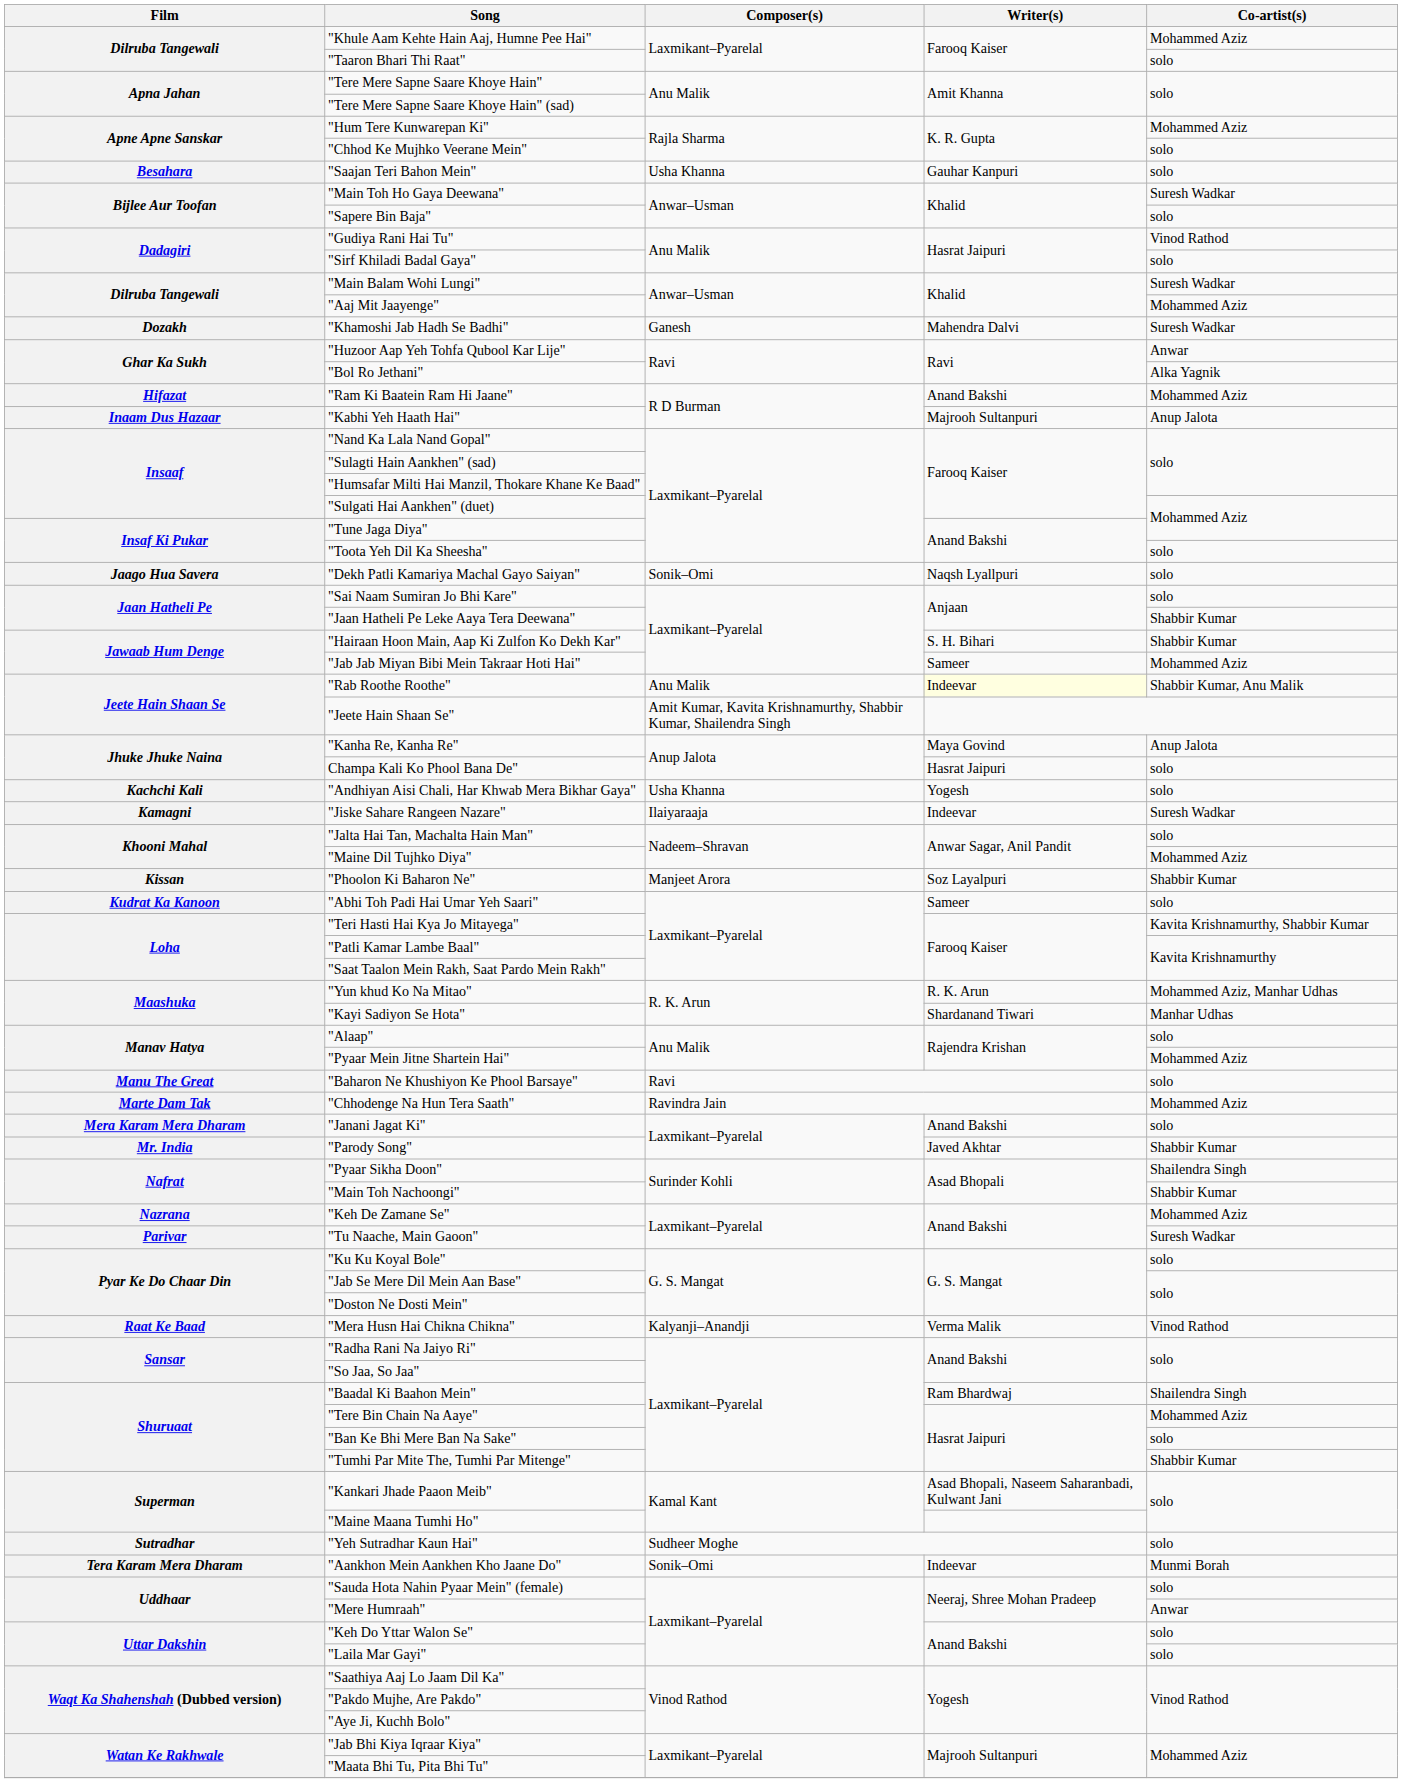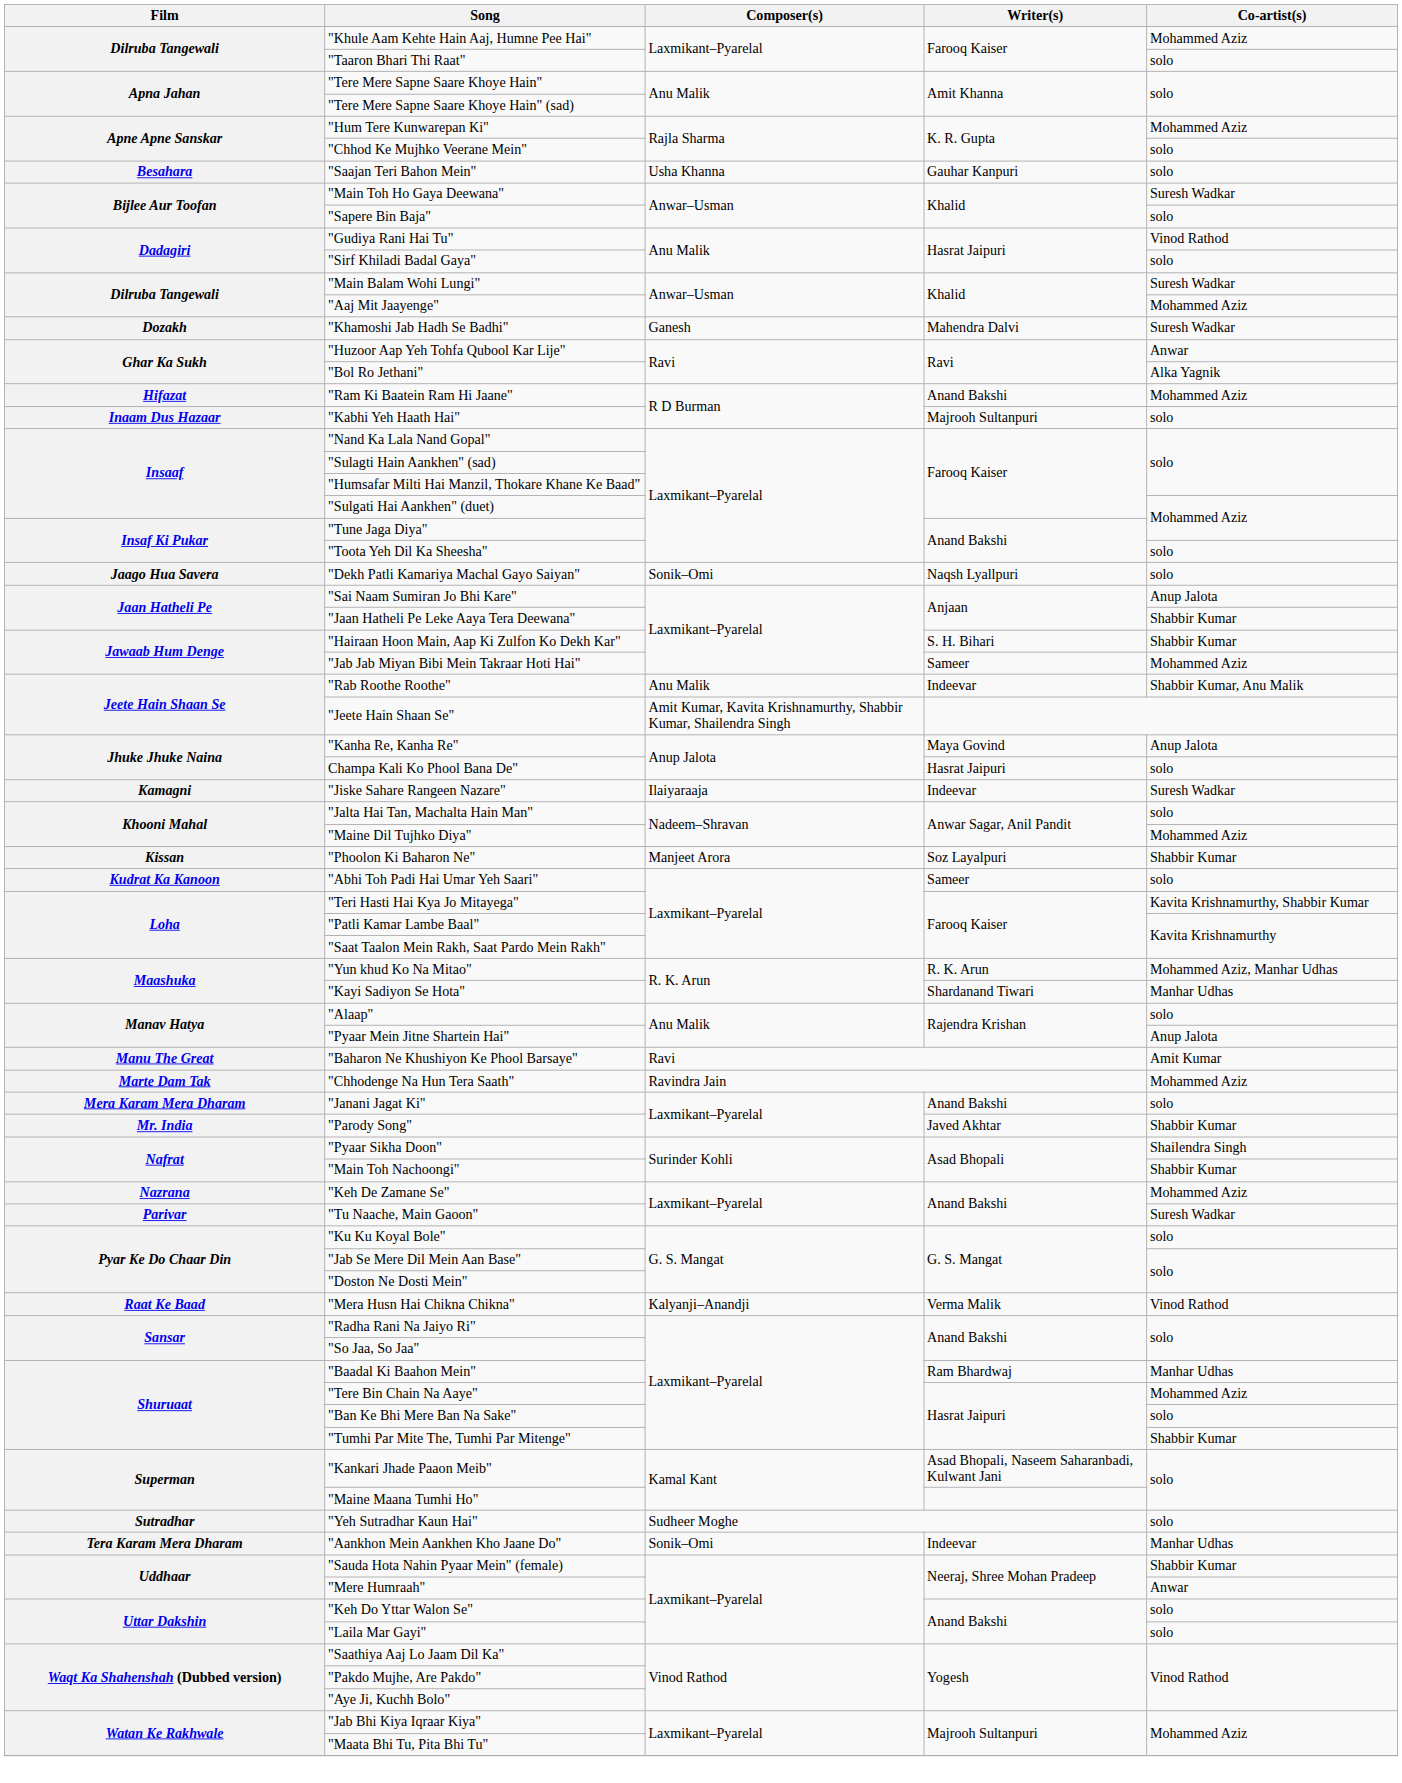 <table class="wikitable plainrowheaders" style="width:100%; textcolor:#000">
 <tr style="background:#b0e0e66;">
 <th scope="col" style="width:23%;"><strong>Film</strong></th>
 <th scope="col" style="width:23%;"><strong>Song</strong></th>
 <th scope="col" style="width:20%;"><strong>Composer(s)</strong></th>
 <th scope="col" style="width:16%;"><strong>Writer(s)</strong></th>
 <th scope="col" style="width:18%;"><strong>Co-artist(s)</strong></th>
 </tr>
 <tr>
 <th Rowspan=2><em>Dilruba Tangewali</em></th>
 <td>"Khule Aam Kehte Hain Aaj, Humne Pee Hai"</td>
 <td rowspan=2>Laxmikant–Pyarelal</td>
 <td rowspan=2>Farooq Kaiser</td>
 <td>Mohammed Aziz</td>
 </tr>
 <tr>
 <td>"Taaron Bhari Thi Raat"</td>
 <td>solo</td>
 </tr>
 <tr>
 <th rowspan=2><em>Apna Jahan</em></th>
 <td>"Tere Mere Sapne Saare Khoye Hain"</td>
 <td rowspan=2>Anu Malik</td>
 <td rowspan=2>Amit Khanna</td>
 <td rowspan=2>solo</td>
 </tr>
 <tr>
 <td>"Tere Mere Sapne Saare Khoye Hain" (sad)</td>
 </tr>
 <tr>
 <th rowspan=2><em>Apne Apne Sanskar</em></th>
 <td>"Hum Tere Kunwarepan Ki"</td>
 <td rowspan=2>Rajla Sharma</td>
 <td rowspan=2>K. R. Gupta</td>
 <td>Mohammed Aziz</td>
 </tr>
 <tr>
 <td>"Chhod Ke Mujhko Veerane Mein"</td>
 <td>solo</td>
 </tr>
 <tr>
 <th><em><a href='#'>Besahara</a></em></th>
 <td>"Saajan Teri Bahon Mein"</td>
 <td>Usha Khanna</td>
 <td>Gauhar Kanpuri</td>
 <td>solo</td>
 </tr>
 <tr>
 <th Rowspan=2><em>Bijlee Aur Toofan</em></th>
 <td>"Main Toh Ho Gaya Deewana"</td>
 <td rowspan=2>Anwar–Usman</td>
 <td rowspan=2>Khalid</td>
 <td>Suresh Wadkar</td>
 </tr>
 <tr>
 <td>"Sapere Bin Baja"</td>
 <td>solo</td>
 </tr>
 <tr>
 <th Rowspan=2><em><a href='#'>Dadagiri</a></em></th>
 <td>"Gudiya Rani Hai Tu"</td>
 <td rowspan=2>Anu Malik</td>
 <td rowspan=2>Hasrat Jaipuri</td>
 <td>Vinod Rathod</td>
 </tr>
 <tr>
 <td>"Sirf Khiladi Badal Gaya"</td>
 <td>solo</td>
 </tr>
 <tr>
 <th Rowspan=2><em>Dilruba Tangewali</em></th>
 <td>"Main Balam Wohi Lungi"</td>
 <td rowspan=2>Anwar–Usman</td>
 <td rowspan=2>Khalid</td>
 <td>Suresh Wadkar</td>
 </tr>
 <tr>
 <td>"Aaj Mit Jaayenge"</td>
 <td>Mohammed Aziz</td>
 </tr>
 <tr>
 <th><em>Dozakh</em></th>
 <td>"Khamoshi Jab Hadh Se Badhi"</td>
 <td>Ganesh</td>
 <td>Mahendra Dalvi</td>
 <td>Suresh Wadkar</td>
 </tr>
 <tr>
 <th Rowspan=2><em>Ghar Ka Sukh</em></th>
 <td>"Huzoor Aap Yeh Tohfa Qubool Kar Lije"</td>
 <td rowspan=2>Ravi</td>
 <td rowspan=2>Ravi</td>
 <td>Anwar</td>
 </tr>
 <tr>
 <td>"Bol Ro Jethani"</td>
 <td>Alka Yagnik</td>
 </tr>
 <tr>
 <th><em><a href='#'>Hifazat</a></em></th>
 <td>"Ram Ki Baatein Ram Hi Jaane"</td>
 <td rowspan=2>R D Burman</td>
 <td>Anand Bakshi</td>
 <td>Mohammed Aziz</td>
 </tr>
 <tr>
 <th><em><a href='#'>Inaam Dus Hazaar</a></em></th>
 <td>"Kabhi Yeh Haath Hai"</td>
 <td>Majrooh Sultanpuri</td>
-<td>Anup Jalota</td>
+<td>solo</td>
 </tr>
 <tr>
 <th rowspan=4><em><a href='#'>Insaaf</a></em></th>
 <td>"Nand Ka Lala Nand Gopal"</td>
 <td rowspan=6>Laxmikant–Pyarelal</td>
 <td Rowspan=4>Farooq Kaiser</td>
 <td rowspan=3>solo</td>
 </tr>
 <tr>
 <td>"Sulagti Hain Aankhen" (sad)</td>
 </tr>
 <tr>
 <td>"Humsafar Milti Hai Manzil, Thokare Khane Ke Baad"</td>
 </tr>
 <tr>
 <td>"Sulgati Hai Aankhen" (duet)</td>
 <td rowspan=2>Mohammed Aziz</td>
 </tr>
 <tr>
 <th Rowspan=2><em><a href='#'>Insaf Ki Pukar</a></em></th>
 <td>"Tune Jaga Diya"</td>
 <td Rowspan=2>Anand Bakshi</td>
 </tr>
 <tr>
 <td>"Toota Yeh Dil Ka Sheesha"</td>
 <td>solo</td>
 </tr>
 <tr>
 <th><em>Jaago Hua Savera</em></th>
 <td>"Dekh Patli Kamariya Machal Gayo Saiyan"</td>
 <td>Sonik–Omi</td>
 <td>Naqsh Lyallpuri</td>
 <td>solo</td>
 </tr>
 <tr>
 <th Rowspan=2><em><a href='#'>Jaan Hatheli Pe</a></em></th>
 <td>"Sai Naam Sumiran Jo Bhi Kare"</td>
 <td rowspan=4>Laxmikant–Pyarelal</td>
 <td rowspan=2>Anjaan</td>
-<td>solo</td>
+<td>Anup Jalota</td>
 </tr>
 <tr>
 <td>"Jaan Hatheli Pe Leke Aaya Tera Deewana"</td>
 <td>Shabbir Kumar</td>
 </tr>
 <tr>
 <th Rowspan=2><em><a href='#'>Jawaab Hum Denge</a></em></th>
 <td>"Hairaan Hoon Main, Aap Ki Zulfon Ko Dekh Kar"</td>
 <td>S. H. Bihari</td>
 <td>Shabbir Kumar</td>
 </tr>
 <tr>
 <td>"Jab Jab Miyan Bibi Mein Takraar Hoti Hai"</td>
 <td>Sameer</td>
 <td>Mohammed Aziz</td>
 </tr>
 <tr>
 <th Rowspan=2><em><a href='#'>Jeete Hain Shaan Se</a></em></th>
 <td>"Rab Roothe Roothe"</td>
 <td rowapan=2>Anu Malik</td>
-<td roqspan=2 style="background: lightyellow;">Indeevar</td>
+<td roqspan=2>Indeevar</td>
 <td>Shabbir Kumar, Anu Malik</td>
 </tr>
 <tr>
 <td>"Jeete Hain Shaan Se"</td>
 <td>Amit Kumar, Kavita Krishnamurthy, Shabbir Kumar, Shailendra Singh</td>
 </tr>
 <tr>
 <th Rowspan=2><em>Jhuke Jhuke Naina</em></th>
 <td>"Kanha Re, Kanha Re"</td>
 <td rowspan=2>Anup Jalota</td>
 <td>Maya Govind</td>
 <td>Anup Jalota</td>
 </tr>
 <tr>
 <td>Champa Kali Ko Phool Bana De"</td>
 <td>Hasrat Jaipuri</td>
-<td>solo</td>
-</tr>
-<tr>
-<th><em>Kachchi Kali</em></th>
-<td>"Andhiyan Aisi Chali, Har Khwab Mera Bikhar Gaya"</td>
-<td>Usha Khanna</td>
-<td>Yogesh</td>
 <td>solo</td>
 </tr>
 <tr>
 <th><em>Kamagni</em></th>
 <td>"Jiske Sahare Rangeen Nazare"</td>
 <td>Ilaiyaraaja</td>
 <td>Indeevar</td>
 <td>Suresh Wadkar</td>
 </tr>
 <tr>
 <th Rowspan=2><em>Khooni Mahal</em></th>
 <td>"Jalta Hai Tan, Machalta Hain Man"</td>
 <td Rowspan=2>Nadeem–Shravan</td>
 <td rowspan=2>Anwar Sagar, Anil Pandit</td>
 <td>solo</td>
 </tr>
 <tr>
 <td>"Maine Dil Tujhko Diya"</td>
 <td>Mohammed Aziz</td>
 </tr>
 <tr>
 <th><em>Kissan</em></th>
 <td>"Phoolon Ki Baharon Ne"</td>
 <td>Manjeet Arora</td>
 <td>Soz Layalpuri</td>
 <td>Shabbir Kumar</td>
 </tr>
 <tr>
 <th><em><a href='#'>Kudrat Ka Kanoon</a></em></th>
 <td>"Abhi Toh Padi Hai Umar Yeh Saari"</td>
 <td rowspan=4>Laxmikant–Pyarelal</td>
 <td>Sameer</td>
 <td>solo</td>
 </tr>
 <tr>
 <th Rowspan=3><em><a href='#'>Loha</a></em></th>
 <td>"Teri Hasti Hai Kya Jo Mitayega"</td>
 <td rowspan=3>Farooq Kaiser</td>
 <td>Kavita Krishnamurthy, Shabbir Kumar</td>
 </tr>
 <tr>
 <td>"Patli Kamar Lambe Baal"</td>
 <td rowspan=2>Kavita Krishnamurthy</td>
 </tr>
 <tr>
 <td>"Saat Taalon Mein Rakh, Saat Pardo Mein Rakh"</td>
 </tr>
 <tr>
 <th Rowspan=2><em><a href='#'>Maashuka</a></em></th>
 <td>"Yun khud Ko Na Mitao"</td>
 <td rowspan=2>R. K. Arun</td>
 <td rowspan=>R. K. Arun</td>
 <td>Mohammed Aziz, Manhar Udhas</td>
 </tr>
 <tr>
 <td>"Kayi Sadiyon Se Hota"</td>
 <td>Shardanand Tiwari</td>
 <td>Manhar Udhas</td>
 </tr>
 <tr>
 <th Rowspan=2><em>Manav Hatya</em></th>
 <td>"Alaap"</td>
 <td rowspan=2>Anu Malik</td>
 <td Rowspan=2>Rajendra Krishan</td>
 <td>solo</td>
 </tr>
 <tr>
 <td>"Pyaar Mein Jitne Shartein Hai"</td>
-<td>Mohammed Aziz</td>
+<td>Anup Jalota</td>
 </tr>
 <tr>
 <th><em><a href='#'>Manu The Great</a></em></th>
 <td>"Baharon Ne Khushiyon Ke Phool Barsaye"</td>
 <td colspan=2>Ravi</td>
-<td>solo</td>
+<td>Amit Kumar</td>
 </tr>
 <tr>
 <th><em><a href='#'>Marte Dam Tak</a></em></th>
 <td>"Chhodenge Na Hun Tera Saath"</td>
 <td colspan=2>Ravindra Jain</td>
 <td>Mohammed Aziz</td>
 </tr>
 <tr>
 <th><em><a href='#'>Mera Karam Mera Dharam</a></em></th>
 <td>"Janani Jagat Ki"</td>
 <td Rowspan=2>Laxmikant–Pyarelal</td>
 <td>Anand Bakshi</td>
 <td>solo</td>
 </tr>
 <tr>
 <th><em><a href='#'>Mr. India</a></em></th>
 <td>"Parody Song"</td>
 <td>Javed Akhtar</td>
 <td>Shabbir Kumar</td>
 </tr>
 <tr>
 <th Rowspan=2><em><a href='#'>Nafrat</a></em></th>
 <td>"Pyaar Sikha Doon"</td>
 <td Rowspan=2>Surinder Kohli</td>
 <td rowspan=2>Asad Bhopali</td>
 <td>Shailendra Singh</td>
 </tr>
 <tr>
 <td>"Main Toh Nachoongi"</td>
 <td>Shabbir Kumar</td>
 </tr>
 <tr>
 <th><em><a href='#'>Nazrana</a></em></th>
 <td>"Keh De Zamane Se"</td>
 <td rowspan=2>Laxmikant–Pyarelal</td>
 <td rowspan=2>Anand Bakshi</td>
 <td>Mohammed Aziz</td>
 </tr>
 <tr>
 <th><em><a href='#'>Parivar</a></em></th>
 <td>"Tu Naache, Main Gaoon"</td>
 <td>Suresh Wadkar</td>
 </tr>
 <tr>
 <th Rowspan=3><em>Pyar Ke Do Chaar Din</em></th>
 <td>"Ku Ku Koyal Bole"</td>
 <td rowspan=3>G. S. Mangat</td>
 <td rowspan=3>G. S. Mangat</td>
 <td>solo</td>
 </tr>
 <tr>
 <td>"Jab Se Mere Dil Mein Aan Base"</td>
 <td rowspan=2>solo</td>
 </tr>
 <tr>
 <td>"Doston Ne Dosti Mein"</td>
 </tr>
 <tr>
 <th><em><a href='#'>Raat Ke Baad</a></em></th>
 <td>"Mera Husn Hai Chikna Chikna"</td>
 <td>Kalyanji–Anandji</td>
 <td>Verma Malik</td>
 <td>Vinod Rathod</td>
 </tr>
 <tr>
 <th Rowspan=2><em><a href='#'>Sansar</a></em></th>
 <td>"Radha Rani Na Jaiyo Ri"</td>
 <td rowspan=6>Laxmikant–Pyarelal</td>
 <td rowspan=2>Anand Bakshi</td>
 <td rowspan=2>solo</td>
 </tr>
 <tr>
 <td>"So Jaa, So Jaa"</td>
 </tr>
 <tr>
 <th Rowspan=4><em><a href='#'>Shuruaat</a></em></th>
 <td>"Baadal Ki Baahon Mein"</td>
 <td>Ram Bhardwaj</td>
-<td>Shailendra Singh</td>
+<td>Manhar Udhas</td>
 </tr>
 <tr>
 <td>"Tere Bin Chain Na Aaye"</td>
 <td rowspan=3>Hasrat Jaipuri</td>
 <td>Mohammed Aziz</td>
 </tr>
 <tr>
 <td>"Ban Ke Bhi Mere Ban Na Sake"</td>
 <td>solo</td>
 </tr>
 <tr>
 <td>"Tumhi Par Mite The, Tumhi Par Mitenge"</td>
 <td>Shabbir Kumar</td>
 </tr>
 <tr>
 <th rowspan=2><em>Superman</em></th>
 <td>"Kankari Jhade Paaon Meib"</td>
 <td rowspan=2>Kamal Kant</td>
 <td>Asad Bhopali, Naseem Saharanbadi, Kulwant Jani</td>
 <td rowspan=2>solo</td>
 </tr>
 <tr>
 <td>"Maine Maana Tumhi Ho"</td>
 </tr>
 <tr>
 <th><em>Sutradhar</em></th>
 <td>"Yeh Sutradhar Kaun Hai"</td>
 <td colspan=2>Sudheer Moghe</td>
 <td>solo</td>
 </tr>
 <tr>
 <th><em>Tera Karam Mera Dharam</em></th>
 <td>"Aankhon Mein Aankhen Kho Jaane Do"</td>
 <td>Sonik–Omi</td>
 <td>Indeevar</td>
-<td>Munmi Borah</td>
+<td>Manhar Udhas</td>
 </tr>
 <tr>
 <th Rowspan=2><em>Uddhaar</em></th>
 <td>"Sauda Hota Nahin Pyaar Mein" (female)</td>
 <td rowspan=4>Laxmikant–Pyarelal</td>
 <td rowspan=2>Neeraj, Shree Mohan Pradeep</td>
-<td>solo</td>
+<td>Shabbir Kumar</td>
 </tr>
 <tr>
 <td>"Mere Humraah"</td>
 <td>Anwar</td>
 </tr>
 <tr>
 <th Rowspan=2><em><a href='#'>Uttar Dakshin</a></em></th>
 <td>"Keh Do Yttar Walon Se"</td>
 <td rowspan=2>Anand Bakshi</td>
 <td>solo</td>
 </tr>
 <tr>
 <td>"Laila Mar Gayi"</td>
 <td>solo</td>
 </tr>
 <tr>
 <th Rowspan=3><em><a href='#'>Waqt Ka Shahenshah</a></em> (Dubbed version)</th>
 <td>"Saathiya Aaj Lo Jaam Dil Ka"</td>
 <td rowspan=3>Vinod Rathod</td>
 <td rowspan=3>Yogesh</td>
 <td Rowspan=3>Vinod Rathod</td>
 </tr>
 <tr>
 <td>"Pakdo Mujhe, Are Pakdo"</td>
 </tr>
 <tr>
 <td>"Aye Ji, Kuchh Bolo"</td>
 </tr>
 <tr>
 <th Rowspan=2><em><a href='#'>Watan Ke Rakhwale</a></em></th>
 <td>"Jab Bhi Kiya Iqraar Kiya"</td>
 <td Rowspan=2>Laxmikant–Pyarelal</td>
 <td rowspan=2>Majrooh Sultanpuri</td>
 <td rowspan=2>Mohammed Aziz</td>
 </tr>
 <tr>
 <td>"Maata Bhi Tu, Pita Bhi Tu"</td>
 </tr>
 <tr>
 </tr>
 </table>
